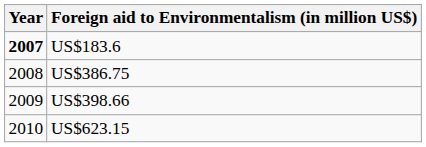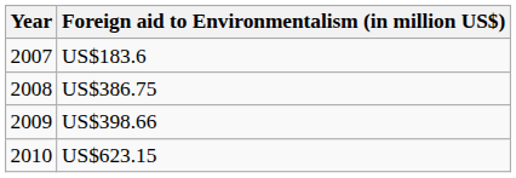 <table class="wikitable">
 <tr>
 <th>Year</th>
 <th>Foreign aid to Environmentalism (in million US$)</th>
 </tr>
 <tr>
-<td><strong>2007</strong></td>
+<td>2007</td>
 <td>US$183.6</td>
 </tr>
 <tr>
 <td>2008</td>
 <td>US$386.75</td>
 </tr>
 <tr>
 <td>2009</td>
 <td>US$398.66</td>
 </tr>
 <tr>
 <td>2010</td>
 <td>US$623.15</td>
 </tr>
 </table>
